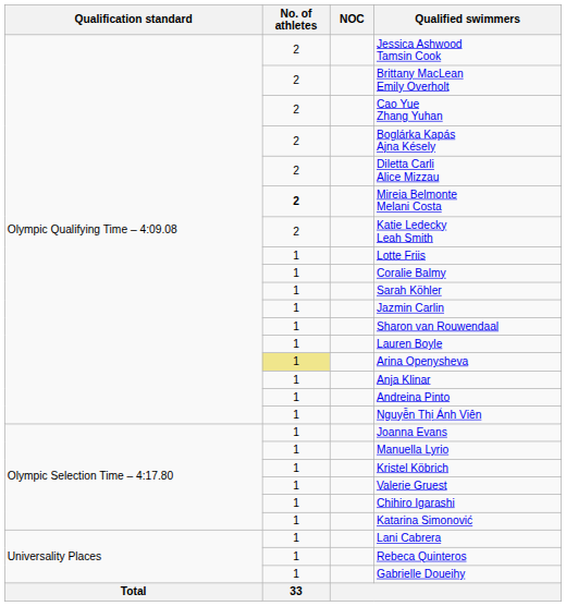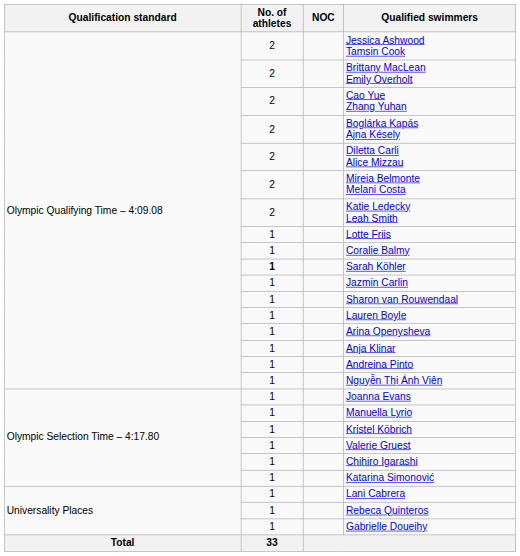 <table class=wikitable style="text-align:left" width=800>
 <tr>
 <th>Qualification standard</th>
 <th width=90>No. of athletes</th>
 <th>NOC</th>
 <th>Qualified swimmers</th>
 </tr>
 <tr>
 <td rowspan=17>Olympic Qualifying Time – 4:09.08</td>
 <td align=center>2</td>
 <td></td>
 <td><a href='#'>Jessica Ashwood</a><br><a href='#'>Tamsin Cook</a></td>
 </tr>
 <tr>
 <td align=center>2</td>
 <td></td>
 <td><a href='#'>Brittany MacLean</a><br><a href='#'>Emily Overholt</a></td>
 </tr>
 <tr>
 <td align=center>2</td>
 <td></td>
 <td><a href='#'>Cao Yue</a><br><a href='#'>Zhang Yuhan</a></td>
 </tr>
 <tr>
 <td align=center>2</td>
 <td></td>
 <td><a href='#'>Boglárka Kapás</a><br><a href='#'>Ajna Késely</a></td>
 </tr>
 <tr>
 <td align=center>2</td>
 <td></td>
 <td><a href='#'>Diletta Carli</a><br><a href='#'>Alice Mizzau</a></td>
 </tr>
 <tr>
-<td align=center><strong>2</strong></td>
+<td align=center>2</td>
 <td></td>
 <td><a href='#'>Mireia Belmonte</a><br><a href='#'>Melani Costa</a></td>
 </tr>
 <tr>
 <td align=center>2</td>
 <td></td>
 <td><a href='#'>Katie Ledecky</a><br><a href='#'>Leah Smith</a></td>
 </tr>
 <tr>
 <td align=center>1</td>
 <td></td>
 <td><a href='#'>Lotte Friis</a></td>
 </tr>
 <tr>
 <td align=center>1</td>
 <td></td>
 <td><a href='#'>Coralie Balmy</a></td>
 </tr>
 <tr>
-<td align=center>1</td>
+<td align=center><strong>1</strong></td>
 <td></td>
 <td><a href='#'>Sarah Köhler</a></td>
 </tr>
 <tr>
 <td align=center>1</td>
 <td></td>
 <td><a href='#'>Jazmin Carlin</a></td>
 </tr>
 <tr>
 <td align=center>1</td>
 <td></td>
 <td><a href='#'>Sharon van Rouwendaal</a></td>
 </tr>
 <tr>
 <td align=center>1</td>
 <td></td>
 <td><a href='#'>Lauren Boyle</a></td>
 </tr>
 <tr>
-<td align=center style="background: khaki;">1</td>
+<td align=center>1</td>
 <td></td>
 <td><a href='#'>Arina Openysheva</a></td>
 </tr>
 <tr>
 <td align=center>1</td>
 <td></td>
 <td><a href='#'>Anja Klinar</a></td>
 </tr>
 <tr>
 <td align=center>1</td>
 <td></td>
 <td><a href='#'>Andreina Pinto</a></td>
 </tr>
 <tr>
 <td align=center>1</td>
 <td></td>
 <td><a href='#'>Nguyễn Thị Ánh Viên</a></td>
 </tr>
 <tr>
 <td rowspan=6>Olympic Selection Time – 4:17.80</td>
 <td align=center>1</td>
 <td></td>
 <td><a href='#'>Joanna Evans</a></td>
 </tr>
 <tr>
 <td align=center>1</td>
 <td></td>
 <td><a href='#'>Manuella Lyrio</a></td>
 </tr>
 <tr>
 <td align=center>1</td>
 <td></td>
 <td><a href='#'>Kristel Köbrich</a></td>
 </tr>
 <tr>
 <td align=center>1</td>
 <td></td>
 <td><a href='#'>Valerie Gruest</a></td>
 </tr>
 <tr>
 <td align=center>1</td>
 <td></td>
 <td><a href='#'>Chihiro Igarashi</a></td>
 </tr>
 <tr>
 <td align=center>1</td>
 <td></td>
 <td><a href='#'>Katarina Simonović</a></td>
 </tr>
 <tr>
 <td rowspan=3>Universality Places</td>
 <td align=center>1</td>
 <td></td>
 <td><a href='#'>Lani Cabrera</a></td>
 </tr>
 <tr>
 <td align=center>1</td>
 <td></td>
 <td><a href='#'>Rebeca Quinteros</a></td>
 </tr>
 <tr>
 <td align=center>1</td>
 <td></td>
 <td><a href='#'>Gabrielle Doueihy</a></td>
 </tr>
 <tr>
 <th><strong>Total</strong></th>
 <th>33</th>
 <th colspan=2></th>
 </tr>
 </table>
